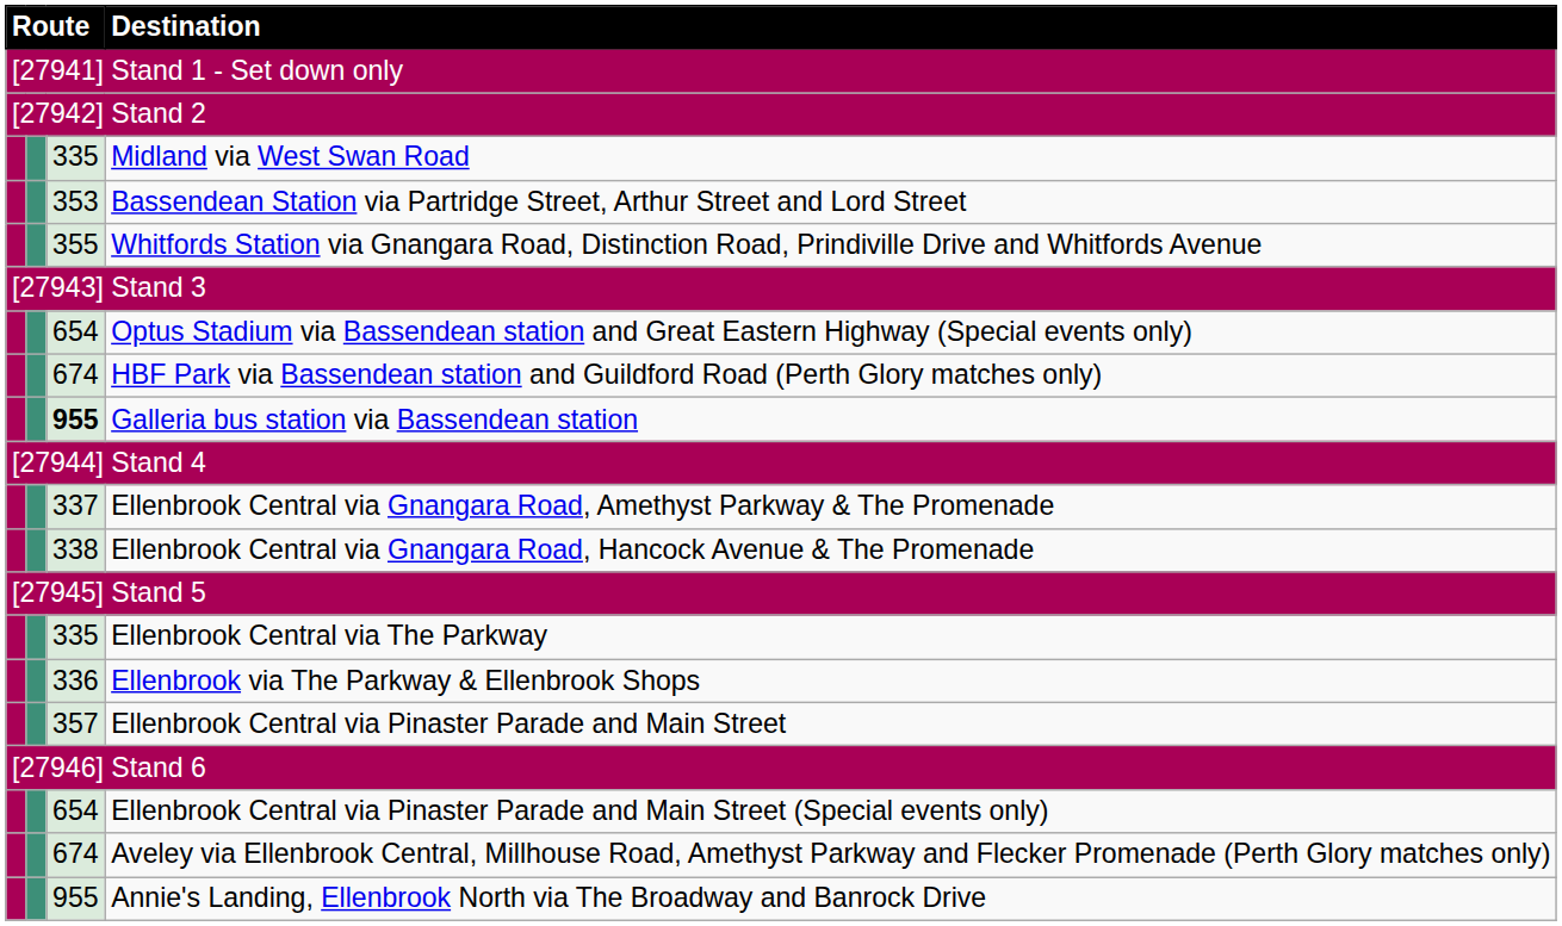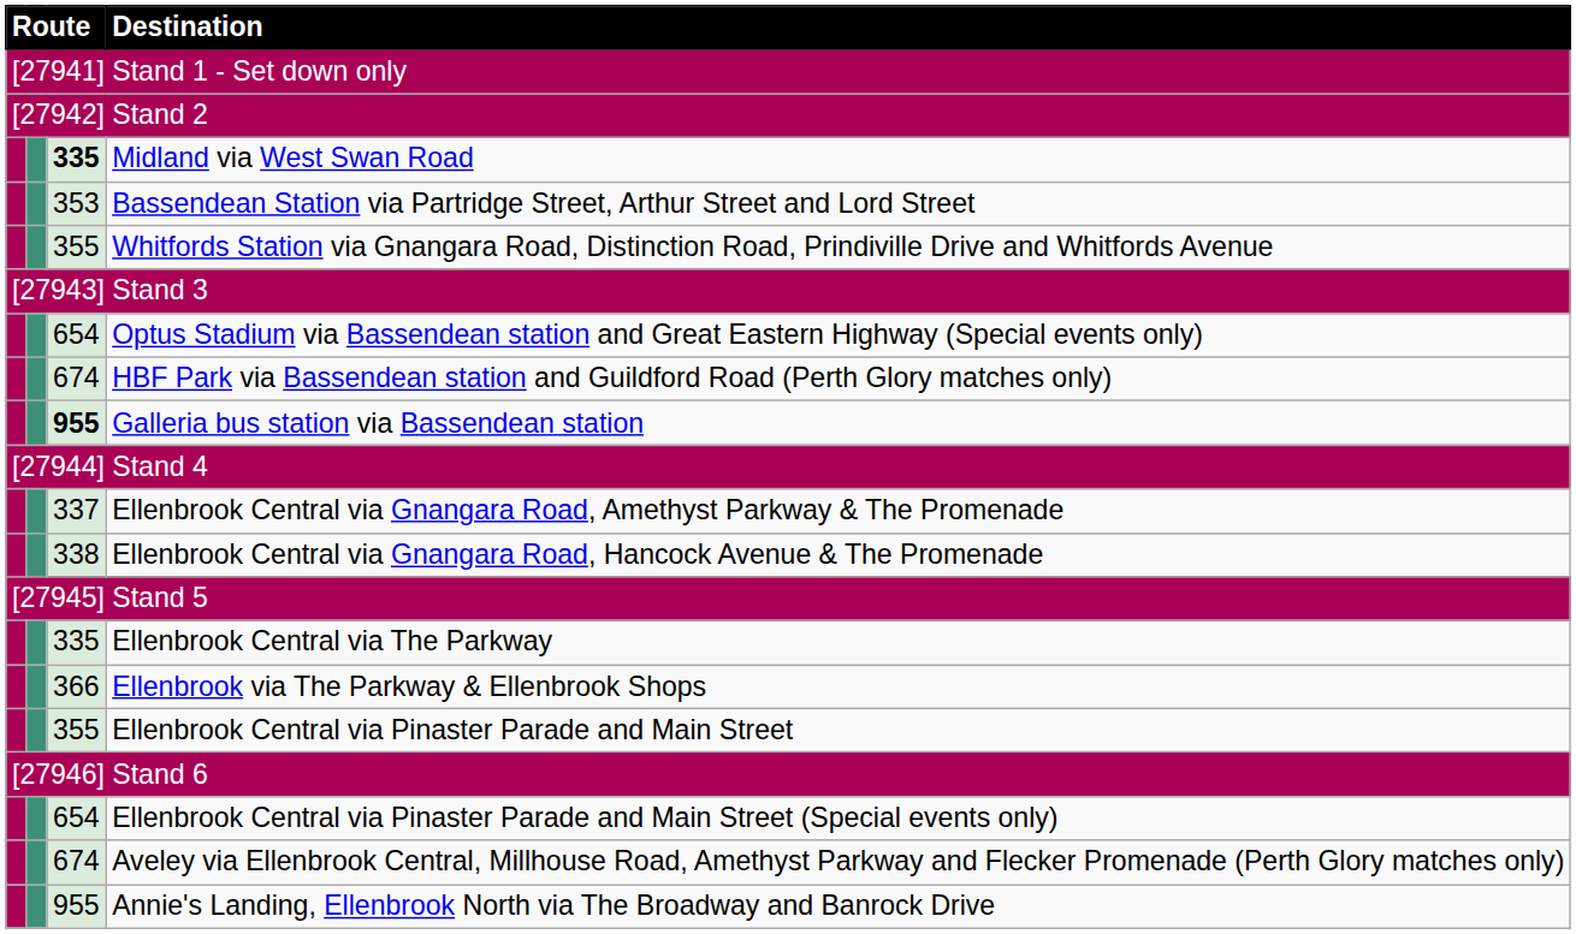 <table class="wikitable" style="float: none; margin-center: 1em; margin-bottom: 0.5em; border: black solid 1px">
 <tr style="color:white; background:black;">
 <td colspan="3" style="border: black solid 1px;"><strong>Route</strong></td>
 <td style="border: black solid 1px;"><strong>Destination</strong></td>
 </tr>
 <tr>
 <td colspan="5" style="color:white; background:#A90056;">[27941] Stand 1 - Set down only</td>
 </tr>
 <tr>
 <td colspan="5" style="color:white; background:#A90056;">[27942] Stand 2</td>
 </tr>
 <tr>
 <td style="background:#A90056;"> </td>
 <td style="background:#3D8F78;"> </td>
-<td style="background:#DBEBDC;">335</td>
+<td style="background:#DBEBDC;"><strong>335</strong></td>
 <td><a href='#'>Midland</a> via <a href='#'>West Swan Road</a></td>
 </tr>
 <tr>
 <td style="background:#A90056;"> </td>
 <td style="background:#3D8F78;"> </td>
 <td style="background:#DBEBDC;">353</td>
 <td><a href='#'>Bassendean Station</a> via Partridge Street, Arthur Street and Lord Street</td>
 </tr>
 <tr>
 <td style="background:#A90056;"> </td>
 <td style="background:#3D8F78;"> </td>
 <td style="background:#DBEBDC;">355</td>
 <td><a href='#'>Whitfords Station</a> via Gnangara Road, Distinction Road, Prindiville Drive and Whitfords Avenue</td>
 </tr>
 <tr>
 <td colspan="5" style="color:white; background:#A90056;">[27943] Stand 3</td>
 </tr>
 <tr>
 <td style="background:#A90056;"> </td>
 <td style="background:#3D8F78;"> </td>
 <td style="background:#DBEBDC;">654</td>
 <td><a href='#'>Optus Stadium</a> via <a href='#'>Bassendean station</a> and Great Eastern Highway (Special events only)</td>
 </tr>
 <tr>
 <td style="background:#A90056;"> </td>
 <td style="background:#3D8F78;"> </td>
 <td style="background:#DBEBDC;">674</td>
 <td><a href='#'>HBF Park</a> via <a href='#'>Bassendean station</a> and Guildford Road (Perth Glory matches only)</td>
 </tr>
 <tr>
 <td style="background:#A90056;"> </td>
 <td style="background:#3D8F78;"> </td>
 <td style="background:#DBEBDC;"><strong>955</strong></td>
 <td><a href='#'>Galleria bus station</a> via <a href='#'>Bassendean station</a></td>
 </tr>
 <tr>
 <td colspan="5" style="color:white; background:#A90056;">[27944] Stand 4</td>
 </tr>
 <tr>
 <td style="background:#A90056;"> </td>
 <td style="background:#3D8F78;"> </td>
 <td style="background:#DBEBDC;">337</td>
 <td>Ellenbrook Central via <a href='#'>Gnangara Road</a>, Amethyst Parkway & The Promenade</td>
 </tr>
 <tr>
 <td style="background:#A90056;"> </td>
 <td style="background:#3D8F78;"> </td>
 <td style="background:#DBEBDC;">338</td>
 <td>Ellenbrook Central via <a href='#'>Gnangara Road</a>, Hancock Avenue & The Promenade</td>
 </tr>
 <tr>
 <td colspan="5" style="color:white; background:#A90056;">[27945] Stand 5</td>
 </tr>
 <tr>
 <td style="background:#A90056;"> </td>
 <td style="background:#3D8F78;"> </td>
 <td style="background:#DBEBDC;">335</td>
 <td>Ellenbrook Central via The Parkway</td>
 </tr>
 <tr>
 <td style="background:#A90056;"> </td>
 <td style="background:#3D8F78;"> </td>
-<td style="background:#DBEBDC;">336</td>
+<td style="background:#DBEBDC;">366</td>
 <td><a href='#'>Ellenbrook</a> via The Parkway & Ellenbrook Shops</td>
 </tr>
 <tr>
 <td style="background:#A90056;"> </td>
 <td style="background:#3D8F78;"> </td>
-<td style="background:#DBEBDC;">357</td>
+<td style="background:#DBEBDC;">355</td>
 <td>Ellenbrook Central via Pinaster Parade and Main Street</td>
 </tr>
 <tr>
 <td colspan="5" style="color:white; background:#A90056;">[27946] Stand 6</td>
 </tr>
 <tr>
 <td style="background:#A90056;"> </td>
 <td style="background:#3D8F78;"> </td>
 <td style="background:#DBEBDC;">654</td>
 <td>Ellenbrook Central via Pinaster Parade and Main Street (Special events only)</td>
 </tr>
 <tr>
 <td style="background:#A90056;"> </td>
 <td style="background:#3D8F78;"> </td>
 <td style="background:#DBEBDC;">674</td>
 <td>Aveley via Ellenbrook Central, Millhouse Road, Amethyst Parkway and Flecker Promenade (Perth Glory matches only)</td>
 </tr>
 <tr>
 <td style="background:#A90056;"> </td>
 <td style="background:#3D8F78;"> </td>
 <td style="background:#DBEBDC;">955</td>
 <td>Annie's Landing, <a href='#'>Ellenbrook</a> North via The Broadway and Banrock Drive</td>
 </tr>
 </table>
